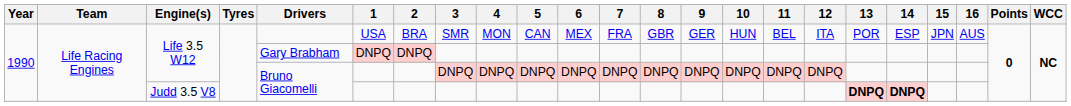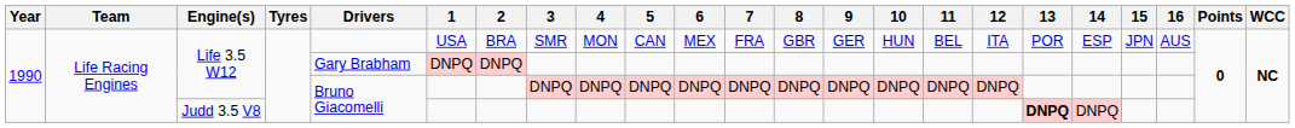 <table class="wikitable" style="text-align:center; font-size:90%">
 <tr>
 <th>Year</th>
 <th>Team</th>
 <th>Engine(s)</th>
 <th>Tyres</th>
 <th>Drivers</th>
 <th>1</th>
 <th>2</th>
 <th>3</th>
 <th>4</th>
 <th>5</th>
 <th>6</th>
 <th>7</th>
 <th>8</th>
 <th>9</th>
 <th>10</th>
 <th>11</th>
 <th>12</th>
 <th>13</th>
 <th>14</th>
 <th>15</th>
 <th>16</th>
 <th>Points</th>
 <th>WCC</th>
 </tr>
 <tr>
 <td rowspan="4"><a href='#'>1990</a></td>
 <td rowspan="4"><a href='#'>Life Racing Engines</a></td>
 <td rowspan="3"><a href='#'>Life</a> 3.5 <a href='#'>W12</a></td>
 <td rowspan="4"></td>
 <td></td>
 <td><a href='#'>USA</a></td>
 <td><a href='#'>BRA</a></td>
 <td><a href='#'>SMR</a></td>
 <td><a href='#'>MON</a></td>
 <td><a href='#'>CAN</a></td>
 <td><a href='#'>MEX</a></td>
 <td><a href='#'>FRA</a></td>
 <td><a href='#'>GBR</a></td>
 <td><a href='#'>GER</a></td>
 <td><a href='#'>HUN</a></td>
 <td><a href='#'>BEL</a></td>
 <td><a href='#'>ITA</a></td>
 <td><a href='#'>POR</a></td>
 <td><a href='#'>ESP</a></td>
 <td><a href='#'>JPN</a></td>
 <td><a href='#'>AUS</a></td>
 <td rowspan="4"><strong>0</strong></td>
 <td rowspan="4"><strong>NC</strong></td>
 </tr>
 <tr>
 <td align=left> <a href='#'>Gary Brabham</a></td>
 <td style="background:#FFCFCF;">DNPQ</td>
 <td style="background:#FFCFCF;">DNPQ</td>
 <td></td>
 <td></td>
 <td></td>
 <td></td>
 <td></td>
 <td></td>
 <td></td>
 <td></td>
 <td></td>
 <td></td>
 <td></td>
 <td></td>
 <td></td>
 <td></td>
 </tr>
 <tr>
 <td rowspan=2 align=left> <a href='#'>Bruno Giacomelli</a></td>
 <td></td>
 <td></td>
 <td style="background:#FFCFCF;">DNPQ</td>
 <td style="background:#FFCFCF;">DNPQ</td>
 <td style="background:#FFCFCF;">DNPQ</td>
 <td style="background:#FFCFCF;">DNPQ</td>
 <td style="background:#FFCFCF;">DNPQ</td>
 <td style="background:#FFCFCF;">DNPQ</td>
 <td style="background:#FFCFCF;">DNPQ</td>
 <td style="background:#FFCFCF;">DNPQ</td>
 <td style="background:#FFCFCF;">DNPQ</td>
 <td style="background:#FFCFCF;">DNPQ</td>
 <td></td>
 <td></td>
 <td></td>
 <td></td>
 </tr>
 <tr>
 <td><a href='#'>Judd</a> 3.5 <a href='#'>V8</a></td>
 <td></td>
 <td></td>
 <td></td>
 <td></td>
 <td></td>
 <td></td>
 <td></td>
 <td></td>
 <td></td>
 <td></td>
 <td></td>
 <td></td>
 <td style="background:#FFCFCF;"><strong>DNPQ</strong></td>
-<td style="background:#FFCFCF;"><strong>DNPQ</strong></td>
+<td style="background:#FFCFCF;">DNPQ</td>
 <td></td>
 <td></td>
 </tr>
 </table>
